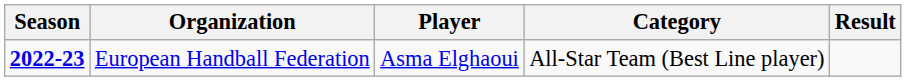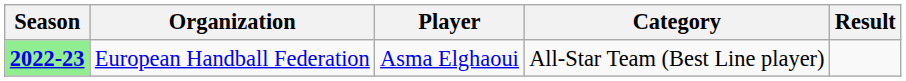 <table class="wikitable style="text-align: center;">
 <tr>
 <th scope="col">Season</th>
 <th scope="col">Organization</th>
 <th scope="col">Player</th>
 <th scope="col">Category</th>
 <th scope="col">Result</th>
 </tr>
 <tr>
-<td><strong><a href='#'>2022-23</a></strong></td>
+<td style="background: lightgreen;"><strong><a href='#'>2022-23</a></strong></td>
 <td scope="row" rowspan="2"><a href='#'>European Handball Federation</a></td>
 <td rowspan="2">  <a href='#'>Asma Elghaoui</a></td>
 <td>All-Star Team (Best Line player)</td>
 <td></td>
 </tr>
 </table>
